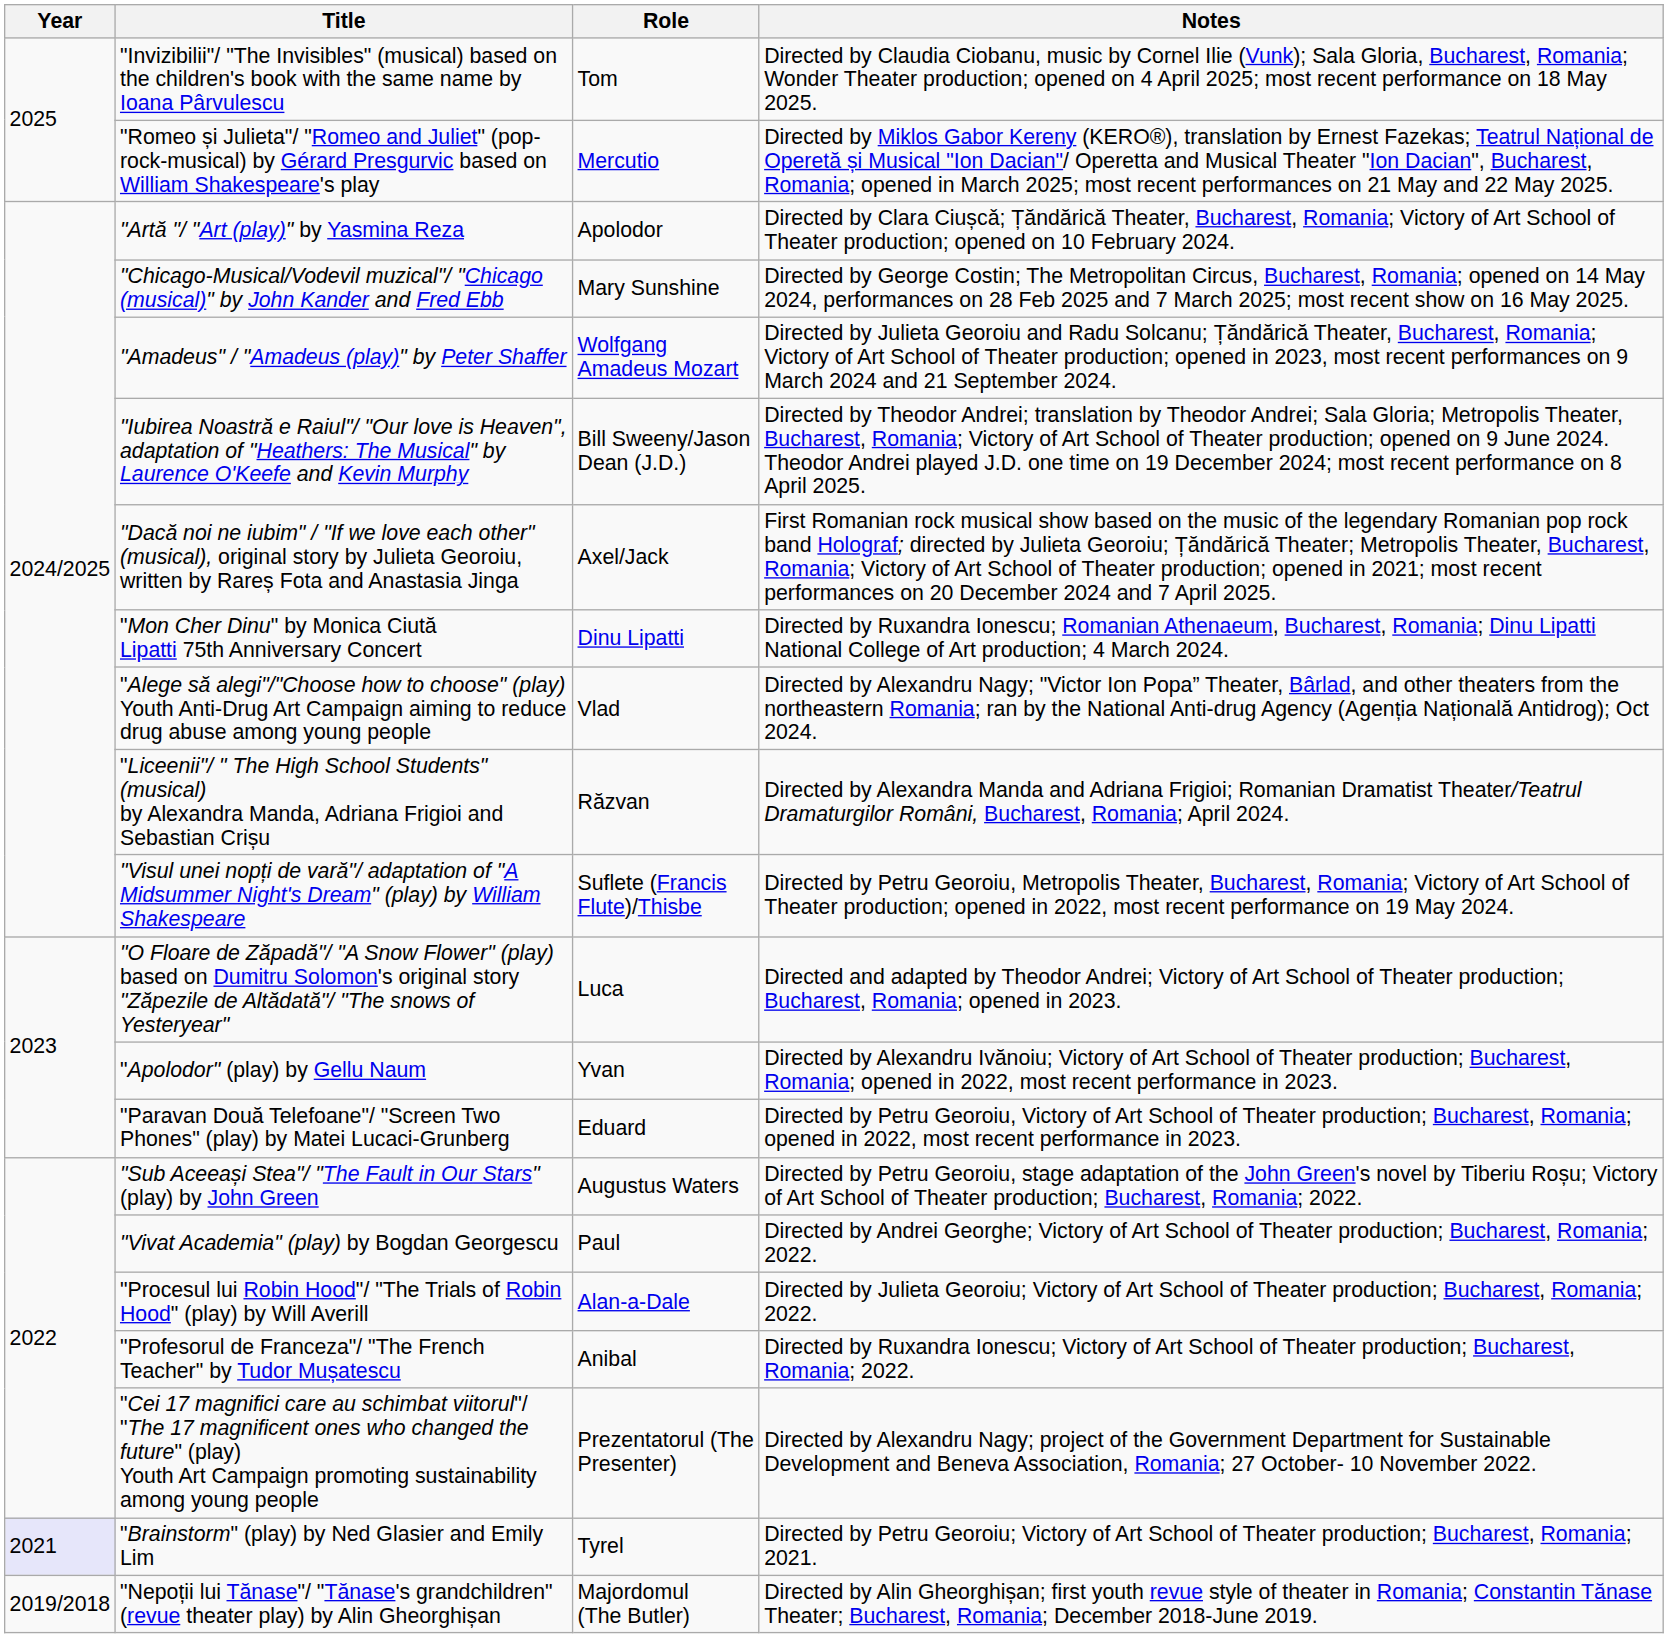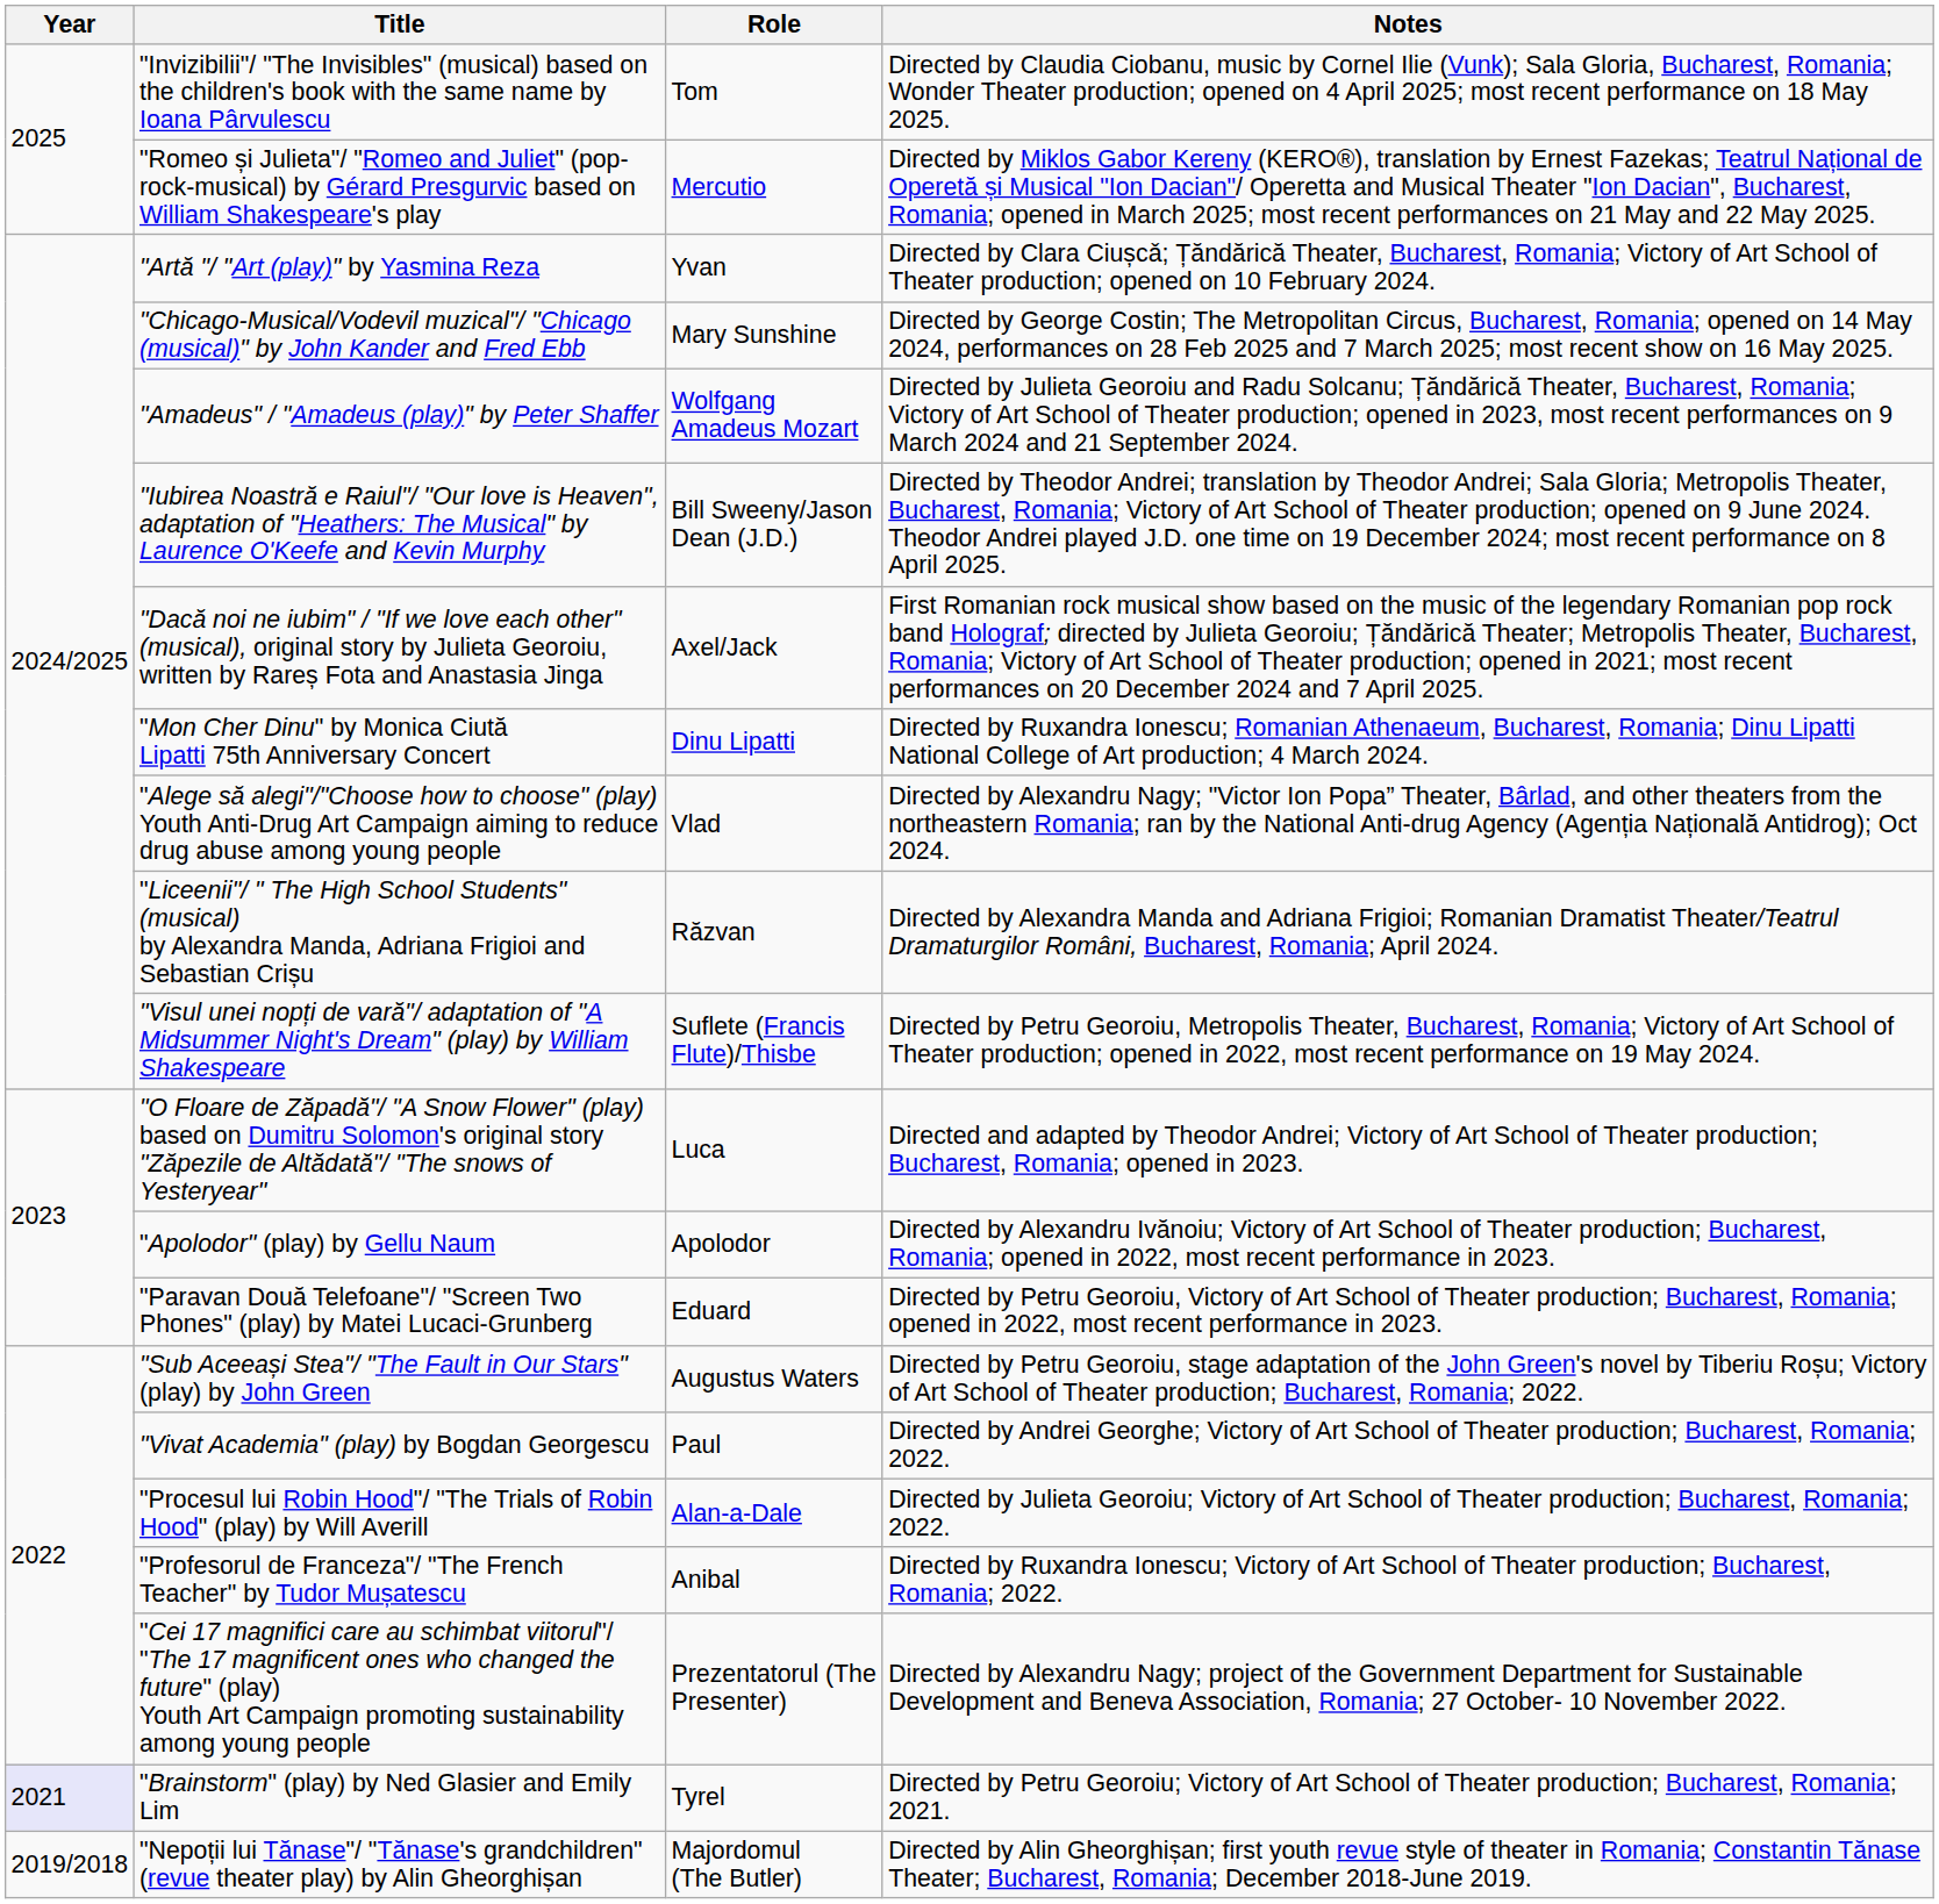 <table class="wikitable">
 <tr>
 <th>Year</th>
 <th>Title</th>
 <th>Role</th>
 <th>Notes</th>
 </tr>
 <tr>
 <td rowspan="2">2025</td>
 <td>"Invizibilii"/ "The Invisibles" (musical) based on the children's book with the same name by <a href='#'>Ioana Pârvulescu</a></td>
 <td>Tom</td>
 <td>Directed by Claudia Ciobanu, music by Cornel Ilie (<a href='#'>Vunk</a>); Sala Gloria, <a href='#'>Bucharest</a>, <a href='#'>Romania</a>; Wonder Theater production; opened on 4 April 2025; most recent performance on 18 May 2025. </td>
 </tr>
 <tr>
 <td>"Romeo și Julieta"/ "<a href='#'>Romeo and Juliet</a>" (pop-rock-musical) by <a href='#'>Gérard Presgurvic</a> based on <a href='#'>William Shakespeare</a>'s play</td>
 <td><a href='#'>Mercutio</a></td>
 <td>Directed by <a href='#'>Miklos Gabor Kereny</a> (KERO®), translation by Ernest Fazekas; <a href='#'>Teatrul Național de Operetă și Musical "Ion Dacian"</a>/ Operetta and Musical Theater "<a href='#'>Ion Dacian</a>", <a href='#'>Bucharest</a>, <a href='#'>Romania</a>; opened in March 2025; most recent performances on 21 May and 22 May 2025. </td>
 </tr>
 <tr>
 <td rowspan="9">2024/2025</td>
 <td><em>"Artă "/ "<a href='#'>Art (play)</a>"</em> by <a href='#'>Yasmina Reza</a></td>
-<td>Apolodor</td>
+<td>Yvan</td>
 <td>Directed by Clara Ciușcǎ; Țăndărică Theater, <a href='#'>Bucharest</a>, <a href='#'>Romania</a>; Victory of Art School of Theater production; opened on 10 February 2024.</td>
 </tr>
 <tr>
 <td><em>"Chicago-Musical/Vodevil muzical"/ "<a href='#'>Chicago (musical)</a>" by <a href='#'>John Kander</a> and <a href='#'>Fred Ebb</a></em></td>
 <td>Mary Sunshine</td>
 <td>Directed by George Costin; The Metropolitan Circus, <a href='#'>Bucharest</a>, <a href='#'>Romania</a>; opened on 14 May 2024, performances on 28 Feb 2025 and 7 March 2025; most recent show on 16 May 2025. </td>
 </tr>
 <tr>
 <td><em>"Amadeus" / "<a href='#'>Amadeus (play)</a>" by <a href='#'>Peter Shaffer</a></em></td>
 <td><a href='#'>Wolfgang Amadeus Mozart</a></td>
 <td>Directed by Julieta Georoiu and Radu Solcanu; Țăndărică Theater, <a href='#'>Bucharest</a>, <a href='#'>Romania</a>; Victory of Art School of Theater production; opened in 2023, most recent performances on 9 March 2024 and 21 September 2024.</td>
 </tr>
 <tr>
 <td><em>"Iubirea Noastră e Raiul"/ "Our love is Heaven", adaptation of "<a href='#'>Heathers: The Musical</a>" by <a href='#'>Laurence O'Keefe</a> and <a href='#'>Kevin Murphy</a></em></td>
 <td>Bill Sweeny/Jason Dean (J.D.)</td>
 <td>Directed by Theodor Andrei; translation by Theodor Andrei; Sala Gloria; Metropolis Theater, <a href='#'>Bucharest</a>, <a href='#'>Romania</a>; Victory of Art School of Theater production; opened on 9 June 2024. Theodor Andrei played J.D. one time on 19 December 2024; most recent performance on 8 April 2025.</td>
 </tr>
 <tr>
 <td><em>"Dacă noi ne iubim" / "If we love each other" (musical),</em> original story by Julieta Georoiu, written by Rareș Fota and Anastasia Jinga</td>
 <td>Axel/Jack</td>
 <td>First Romanian rock musical show based on the music of the legendary Romanian pop rock band <a href='#'>Holograf</a><em>;</em> directed by Julieta Georoiu; Țăndărică Theater; Metropolis Theater, <a href='#'>Bucharest</a>, <a href='#'>Romania</a>; Victory of Art School of Theater production; opened in 2021; most recent performances on 20 December 2024 and 7 April 2025. </td>
 </tr>
 <tr>
 <td>"<em>Mon Cher Dinu</em>" by Monica Ciută<br><a href='#'>Lipatti</a> 75th Anniversary Concert</td>
 <td><a href='#'>Dinu Lipatti</a></td>
 <td>Directed by Ruxandra Ionescu; <a href='#'>Romanian Athenaeum</a>, <a href='#'>Bucharest</a>, <a href='#'>Romania</a>; <a href='#'>Dinu Lipatti</a> National College of Art production; 4 March 2024.</td>
 </tr>
 <tr>
 <td>"<em>Alege să alegi"/"Choose how to choose" (play)</em><br>Youth Anti-Drug Art Campaign aiming to reduce drug abuse among young people</td>
 <td>Vlad</td>
 <td>Directed by Alexandru Nagy; "Victor Ion Popa” Theater, <a href='#'>Bârlad</a>, and other theaters from the northeastern <a href='#'>Romania</a>; ran by the National Anti-drug Agency (Agenția Națională Antidrog); Oct 2024.</td>
 </tr>
 <tr>
 <td>"<em>Liceenii"/ " The High School Students" (musical)</em><br>by Alexandra Manda, Adriana Frigioi and Sebastian Crișu</td>
 <td>Răzvan</td>
 <td>Directed by Alexandra Manda and Adriana Frigioi; Romanian Dramatist Theater<em>/Teatrul Dramaturgilor Români,</em> <a href='#'>Bucharest</a>, <a href='#'>Romania</a>; April 2024.</td>
 </tr>
 <tr>
 <td><em>"Visul unei nopți de vară"/ adaptation of "<a href='#'>A Midsummer Night's Dream</a>" (play) by <a href='#'>William Shakespeare</a></em></td>
 <td>Suflete (<a href='#'>Francis Flute</a>)/<a href='#'>Thisbe</a></td>
 <td>Directed by Petru Georoiu, Metropolis Theater, <a href='#'>Bucharest</a>, <a href='#'>Romania</a>; Victory of Art School of Theater production; opened in 2022, most recent performance on 19 May 2024.</td>
 </tr>
 <tr>
 <td rowspan="3">2023</td>
 <td><em>"O Floare de Zăpadă"/ "A Snow Flower" (play)</em> based on <a href='#'>Dumitru Solomon</a>'s original story <em>"Zăpezile de Altădată"/ "The snows of Yesteryear"</em></td>
 <td>Luca</td>
 <td>Directed and adapted by Theodor Andrei; Victory of Art School of Theater production; <a href='#'>Bucharest</a>, <a href='#'>Romania</a>; opened in 2023.</td>
 </tr>
 <tr>
 <td>"<em>Apolodor"</em> (play) by <a href='#'>Gellu Naum</a></td>
-<td>Yvan</td>
+<td>Apolodor</td>
 <td>Directed by Alexandru Ivănoiu; Victory of Art School of Theater production; <a href='#'>Bucharest</a>, <a href='#'>Romania</a>; opened in 2022, most recent performance in 2023.</td>
 </tr>
 <tr>
 <td>"Paravan Două Telefoane"/ "Screen Two Phones" (play) by Matei Lucaci-Grunberg</td>
 <td>Eduard</td>
 <td>Directed by Petru Georoiu, Victory of Art School of Theater production; <a href='#'>Bucharest</a>, <a href='#'>Romania</a>; opened in 2022, most recent performance in 2023.</td>
 </tr>
 <tr>
 <td rowspan="5">2022</td>
 <td><em>"Sub Aceeași Stea"/ "<a href='#'>The Fault in Our Stars</a>"</em> (play) by <a href='#'>John Green</a></td>
 <td>Augustus Waters</td>
 <td>Directed by Petru Georoiu, stage adaptation of the <a href='#'>John Green</a>'s novel by Tiberiu Roșu; Victory of Art School of Theater production; <a href='#'>Bucharest</a>, <a href='#'>Romania</a>; 2022.</td>
 </tr>
 <tr>
 <td><em>"Vivat Academia" (play)</em> by Bogdan Georgescu</td>
 <td>Paul</td>
 <td>Directed by Andrei Georghe; Victory of Art School of Theater production; <a href='#'>Bucharest</a>, <a href='#'>Romania</a>; 2022.</td>
 </tr>
 <tr>
 <td>"Procesul lui <a href='#'>Robin Hood</a>"/ "The Trials of <a href='#'>Robin Hood</a>" (play) by Will Averill</td>
 <td><a href='#'>Alan-a-Dale</a></td>
 <td>Directed by Julieta Georoiu; Victory of Art School of Theater production; <a href='#'>Bucharest</a>, <a href='#'>Romania</a>; 2022.</td>
 </tr>
 <tr>
 <td>"Profesorul de Franceza"/ "The French Teacher" by <a href='#'>Tudor Mușatescu</a></td>
 <td>Anibal</td>
 <td>Directed by Ruxandra Ionescu; Victory of Art School of Theater production; <a href='#'>Bucharest</a>, <a href='#'>Romania</a>; 2022.</td>
 </tr>
 <tr>
 <td>"<em>Cei 17 magnifici care au schimbat viitorul</em>"/ "<em>The 17 magnificent ones who changed the future</em>" (play)<br>Youth Art Campaign promoting sustainability among young people</td>
 <td>Prezentatorul (The Presenter)</td>
 <td>Directed by Alexandru Nagy; project of the Government Department for Sustainable Development and Beneva Association, <a href='#'>Romania</a>; 27 October- 10 November 2022.</td>
 </tr>
 <tr>
 <td style="background: lavender;">2021</td>
 <td>"<em>Brainstorm</em>" (play) by Ned Glasier and Emily Lim</td>
 <td>Tyrel</td>
 <td>Directed by Petru Georoiu; Victory of Art School of Theater production; <a href='#'>Bucharest</a>, <a href='#'>Romania</a>; 2021.</td>
 </tr>
 <tr>
 <td>2019/2018</td>
 <td>"Nepoții lui <a href='#'>Tănase</a>"/ "<a href='#'>Tănase</a>'s grandchildren" (<a href='#'>revue</a> theater play) by Alin Gheorghișan</td>
 <td>Majordomul<br>(The Butler)</td>
 <td>Directed by Alin Gheorghișan; first youth <a href='#'>revue</a> style of theater in <a href='#'>Romania</a>; <a href='#'>Constantin Tănase</a> Theater; <a href='#'>Bucharest</a>, <a href='#'>Romania</a>; December 2018-June 2019.</td>
 </tr>
 </table>
